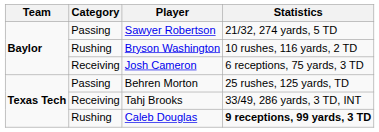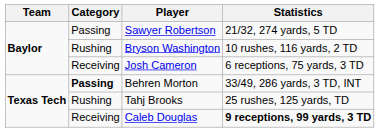 <table class="wikitable" style="float: right;">
 <tr>
 <th>Team</th>
 <th>Category</th>
 <th>Player</th>
 <th>Statistics</th>
 </tr>
 <tr>
 <td rowspan=3><strong>Baylor</strong></td>
 <td>Passing</td>
 <td><a href='#'>Sawyer Robertson</a></td>
 <td>21/32, 274 yards, 5 TD</td>
 </tr>
 <tr>
 <td>Rushing</td>
 <td><a href='#'>Bryson Washington</a></td>
 <td>10 rushes, 116 yards, 2 TD</td>
 </tr>
 <tr>
 <td>Receiving</td>
 <td><a href='#'>Josh Cameron</a></td>
 <td>6 receptions, 75 yards, 3 TD</td>
 </tr>
 <tr>
 <td rowspan=3><strong>Texas Tech</strong></td>
-<td>Passing</td>
+<td><strong>Passing</strong></td>
 <td>Behren Morton</td>
+<td>33/49, 286 yards, 3 TD, INT</td>
+</tr>
+<tr>
+<td>Rushing</td>
+<td>Tahj Brooks</td>
 <td>25 rushes, 125 yards, TD</td>
 </tr>
 <tr>
 <td>Receiving</td>
-<td>Tahj Brooks</td>
-<td>33/49, 286 yards, 3 TD, INT</td>
-</tr>
-<tr>
-<td>Rushing</td>
 <td><a href='#'>Caleb Douglas</a></td>
 <td><strong>9 receptions, 99 yards, 3 TD</strong></td>
 </tr>
 </table>
